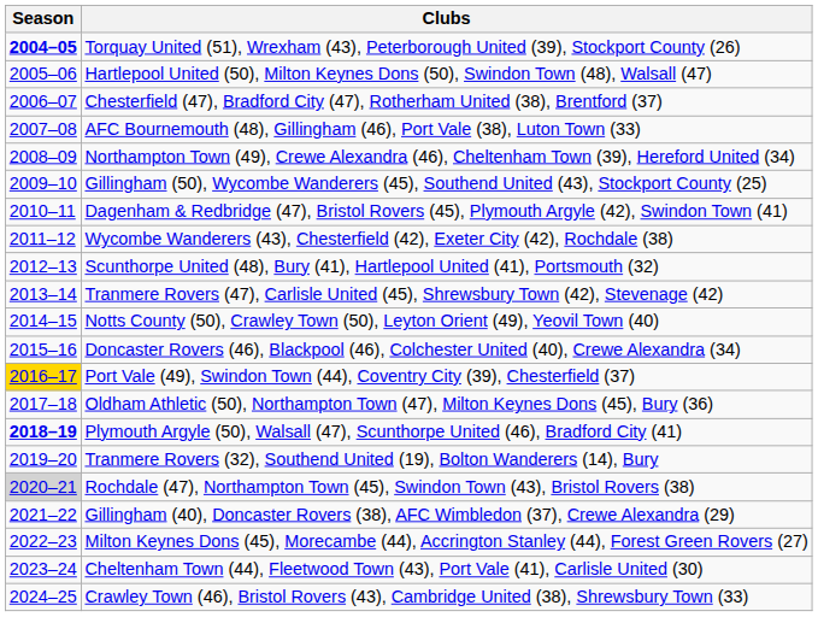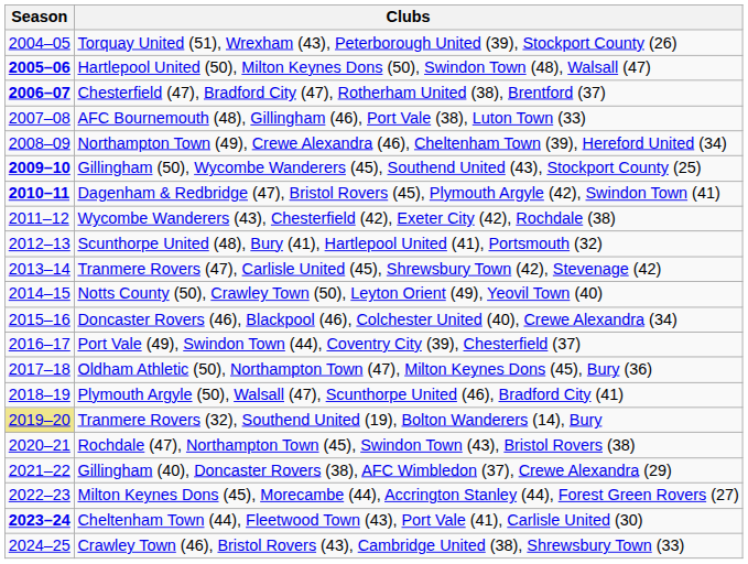 <table class="wikitable sortable" style="text-align:left;">
 <tr>
 <th>Season</th>
 <th>Clubs</th>
 </tr>
 <tr>
-<td><strong><a href='#'>2004–05</a></strong></td>
+<td><a href='#'>2004–05</a></td>
 <td><a href='#'>Torquay United</a> (51), <a href='#'>Wrexham</a> (43), <a href='#'>Peterborough United</a> (39), <a href='#'>Stockport County</a> (26)</td>
 </tr>
 <tr>
-<td><a href='#'>2005–06</a></td>
+<td><strong><a href='#'>2005–06</a></strong></td>
 <td><a href='#'>Hartlepool United</a> (50), <a href='#'>Milton Keynes Dons</a> (50), <a href='#'>Swindon Town</a> (48), <a href='#'>Walsall</a> (47)</td>
 </tr>
 <tr>
-<td><a href='#'>2006–07</a></td>
+<td><strong><a href='#'>2006–07</a></strong></td>
 <td><a href='#'>Chesterfield</a> (47), <a href='#'>Bradford City</a> (47), <a href='#'>Rotherham United</a> (38), <a href='#'>Brentford</a> (37)</td>
 </tr>
 <tr>
 <td><a href='#'>2007–08</a></td>
 <td><a href='#'>AFC Bournemouth</a> (48), <a href='#'>Gillingham</a> (46), <a href='#'>Port Vale</a> (38), <a href='#'>Luton Town</a> (33)</td>
 </tr>
 <tr>
 <td><a href='#'>2008–09</a></td>
 <td><a href='#'>Northampton Town</a> (49), <a href='#'>Crewe Alexandra</a> (46), <a href='#'>Cheltenham Town</a> (39), <a href='#'>Hereford United</a> (34)</td>
 </tr>
 <tr>
-<td><a href='#'>2009–10</a></td>
+<td><strong><a href='#'>2009–10</a></strong></td>
 <td><a href='#'>Gillingham</a> (50), <a href='#'>Wycombe Wanderers</a> (45), <a href='#'>Southend United</a> (43), <a href='#'>Stockport County</a> (25)</td>
 </tr>
 <tr>
-<td><a href='#'>2010–11</a></td>
+<td><strong><a href='#'>2010–11</a></strong></td>
 <td><a href='#'>Dagenham & Redbridge</a> (47), <a href='#'>Bristol Rovers</a> (45), <a href='#'>Plymouth Argyle</a> (42), <a href='#'>Swindon Town</a> (41)</td>
 </tr>
 <tr>
 <td><a href='#'>2011–12</a></td>
 <td><a href='#'>Wycombe Wanderers</a> (43), <a href='#'>Chesterfield</a> (42), <a href='#'>Exeter City</a> (42), <a href='#'>Rochdale</a> (38)</td>
 </tr>
 <tr>
 <td><a href='#'>2012–13</a></td>
 <td><a href='#'>Scunthorpe United</a> (48), <a href='#'>Bury</a> (41), <a href='#'>Hartlepool United</a> (41), <a href='#'>Portsmouth</a> (32)</td>
 </tr>
 <tr>
 <td><a href='#'>2013–14</a></td>
 <td><a href='#'>Tranmere Rovers</a> (47), <a href='#'>Carlisle United</a> (45), <a href='#'>Shrewsbury Town</a> (42), <a href='#'>Stevenage</a> (42)</td>
 </tr>
 <tr>
 <td><a href='#'>2014–15</a></td>
 <td><a href='#'>Notts County</a> (50), <a href='#'>Crawley Town</a> (50), <a href='#'>Leyton Orient</a> (49), <a href='#'>Yeovil Town</a> (40)</td>
 </tr>
 <tr>
 <td><a href='#'>2015–16</a></td>
 <td><a href='#'>Doncaster Rovers</a> (46), <a href='#'>Blackpool</a> (46), <a href='#'>Colchester United</a> (40), <a href='#'>Crewe Alexandra</a> (34)</td>
 </tr>
 <tr>
-<td style="background: gold;"><a href='#'>2016–17</a></td>
+<td><a href='#'>2016–17</a></td>
 <td><a href='#'>Port Vale</a> (49), <a href='#'>Swindon Town</a> (44), <a href='#'>Coventry City</a> (39), <a href='#'>Chesterfield</a> (37)</td>
 </tr>
 <tr>
 <td><a href='#'>2017–18</a></td>
 <td><a href='#'>Oldham Athletic</a> (50), <a href='#'>Northampton Town</a> (47), <a href='#'>Milton Keynes Dons</a> (45), <a href='#'>Bury</a> (36)</td>
 </tr>
 <tr>
-<td><strong><a href='#'>2018–19</a></strong></td>
+<td><a href='#'>2018–19</a></td>
 <td><a href='#'>Plymouth Argyle</a> (50), <a href='#'>Walsall</a> (47), <a href='#'>Scunthorpe United</a> (46), <a href='#'>Bradford City</a> (41)</td>
 </tr>
 <tr>
-<td><a href='#'>2019–20</a></td>
+<td style="background: khaki;"><a href='#'>2019–20</a></td>
 <td><a href='#'>Tranmere Rovers</a> (32), <a href='#'>Southend United</a> (19), <a href='#'>Bolton Wanderers</a> (14), <a href='#'>Bury</a></td>
 </tr>
 <tr>
-<td style="background: lightgrey;"><a href='#'>2020–21</a></td>
+<td><a href='#'>2020–21</a></td>
 <td><a href='#'>Rochdale</a> (47), <a href='#'>Northampton Town</a> (45), <a href='#'>Swindon Town</a> (43), <a href='#'>Bristol Rovers</a> (38)</td>
 </tr>
 <tr>
 <td><a href='#'>2021–22</a></td>
 <td><a href='#'>Gillingham</a> (40), <a href='#'>Doncaster Rovers</a> (38), <a href='#'>AFC Wimbledon</a> (37), <a href='#'>Crewe Alexandra</a> (29)</td>
 </tr>
 <tr>
 <td><a href='#'>2022–23</a></td>
 <td><a href='#'>Milton Keynes Dons</a> (45), <a href='#'>Morecambe</a> (44), <a href='#'>Accrington Stanley</a> (44), <a href='#'>Forest Green Rovers</a> (27)</td>
 </tr>
 <tr>
-<td><a href='#'>2023–24</a></td>
+<td><strong><a href='#'>2023–24</a></strong></td>
 <td><a href='#'>Cheltenham Town</a> (44), <a href='#'>Fleetwood Town</a> (43), <a href='#'>Port Vale</a> (41), <a href='#'>Carlisle United</a> (30)</td>
 </tr>
 <tr>
 <td><a href='#'>2024–25</a></td>
 <td><a href='#'>Crawley Town</a> (46), <a href='#'>Bristol Rovers</a> (43), <a href='#'>Cambridge United</a> (38), <a href='#'>Shrewsbury Town</a> (33)</td>
 </tr>
 </table>
